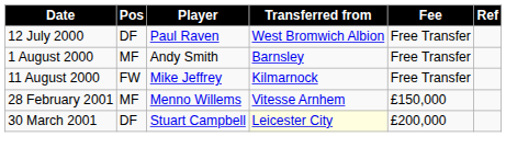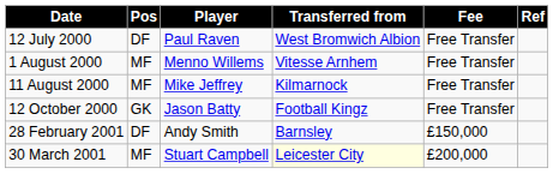 <table class="wikitable plainrowheaders sortable">
 <tr>
 <th style="background:#000000; color:#FFFFFF; ">Date</th>
 <th style="background:#000000; color:#FFFFff; ">Pos</th>
 <th style="background:#000000; color:#FFFFff; ">Player</th>
 <th style="background:#000000; color:#FFFFff; ">Transferred from</th>
 <th style="background:#000000; color:#FFFFff; ">Fee</th>
 <th style="background:#000000; color:#FFFFff; ">Ref</th>
 </tr>
 <tr>
 <td>12 July 2000</td>
 <td>DF</td>
 <td> <a href='#'>Paul Raven</a></td>
 <td> <a href='#'>West Bromwich Albion</a></td>
 <td>Free Transfer</td>
 <td></td>
 </tr>
 <tr>
 <td>1 August 2000</td>
 <td>MF</td>
-<td> Andy Smith</td>
-<td> <a href='#'>Barnsley</a></td>
+<td> <a href='#'>Menno Willems</a></td>
+<td> <a href='#'>Vitesse Arnhem</a></td>
 <td>Free Transfer</td>
 <td></td>
 </tr>
 <tr>
 <td>11 August 2000</td>
-<td>FW</td>
+<td>MF</td>
 <td> <a href='#'>Mike Jeffrey</a></td>
 <td> <a href='#'>Kilmarnock</a></td>
 <td>Free Transfer</td>
 <td></td>
 </tr>
 <tr>
+<td>12 October 2000</td>
+<td>GK</td>
+<td> <a href='#'>Jason Batty</a></td>
+<td> <a href='#'>Football Kingz</a></td>
+<td>Free Transfer</td>
+<td></td>
+</tr>
+<tr>
 <td>28 February 2001</td>
-<td>MF</td>
-<td> <a href='#'>Menno Willems</a></td>
-<td> <a href='#'>Vitesse Arnhem</a></td>
+<td>DF</td>
+<td> Andy Smith</td>
+<td> <a href='#'>Barnsley</a></td>
 <td>£150,000</td>
 </tr>
 <tr>
 <td>30 March 2001</td>
-<td>DF</td>
+<td>MF</td>
 <td> <a href='#'>Stuart Campbell</a></td>
 <td style="background: lightyellow;"> <a href='#'>Leicester City</a></td>
 <td>£200,000</td>
 <td></td>
 </tr>
 </table>
